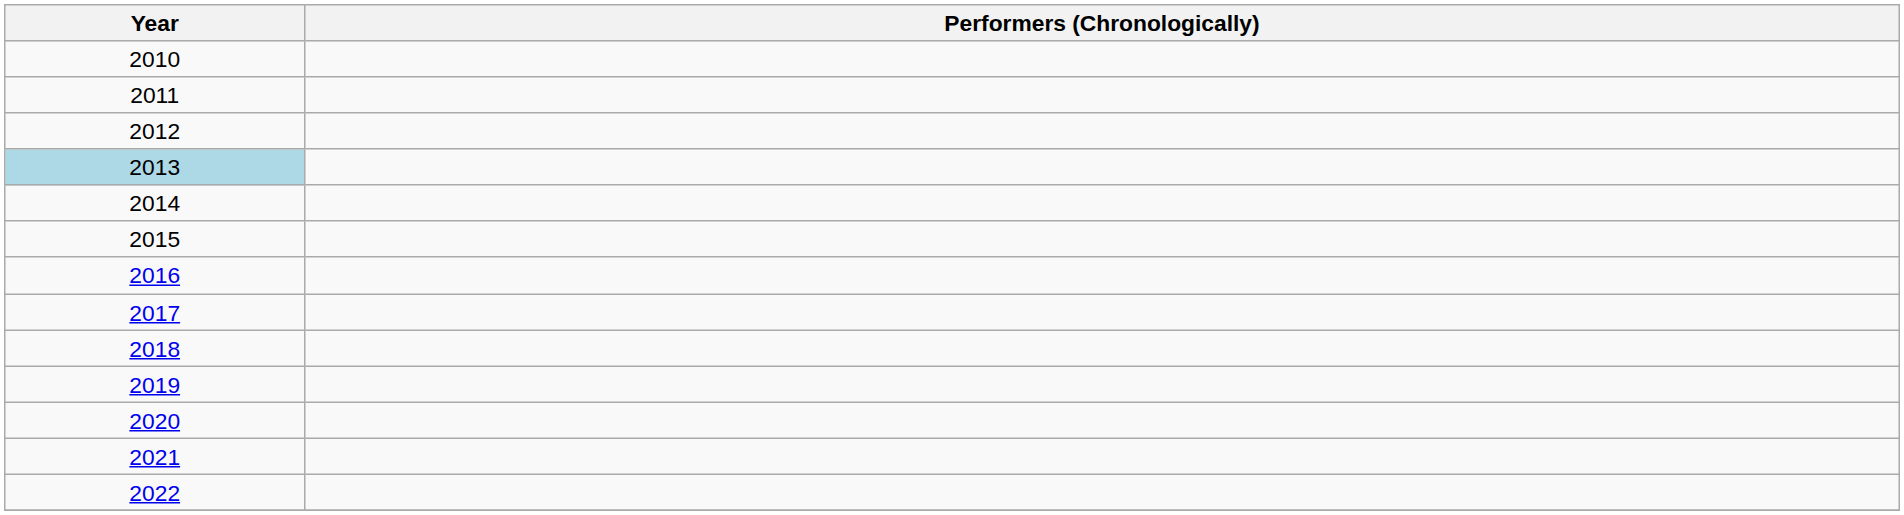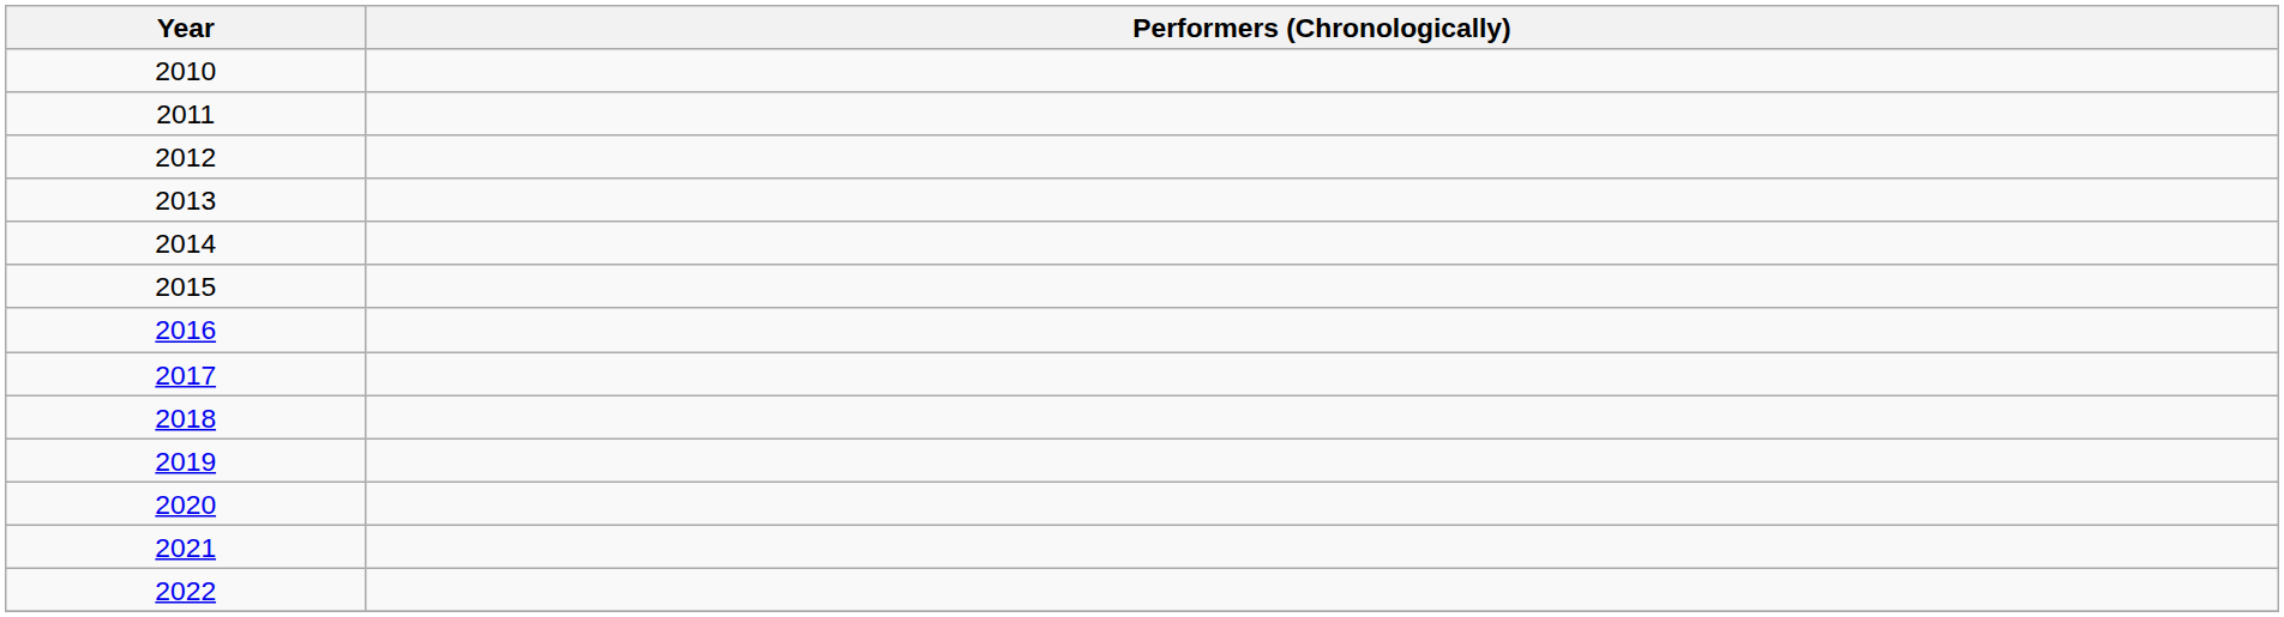 <table class="wikitable sortable" style="font-size:95%; width:100%;">
 <tr>
 <th>Year</th>
 <th>Performers (Chronologically)</th>
 </tr>
 <tr>
 <td align="center">2010</td>
 <td></td>
 </tr>
 <tr>
 <td align="center">2011</td>
 <td></td>
 </tr>
 <tr>
 <td align="center">2012</td>
 <td></td>
 </tr>
 <tr>
-<td align="center" style="background: lightblue;">2013</td>
+<td align="center">2013</td>
 <td></td>
 </tr>
 <tr>
 <td align="center">2014</td>
 <td></td>
 </tr>
 <tr>
 <td align="center">2015</td>
 <td></td>
 </tr>
 <tr>
 <td align="center"><a href='#'>2016</a></td>
 <td></td>
 </tr>
 <tr>
 <td align="center"><a href='#'>2017</a></td>
 <td></td>
 </tr>
 <tr>
 <td align="center"><a href='#'>2018</a></td>
 <td></td>
 </tr>
 <tr>
 <td align="center"><a href='#'>2019</a></td>
 <td></td>
 </tr>
 <tr>
 <td align="center"><a href='#'>2020</a></td>
 <td></td>
 </tr>
 <tr>
 <td align="center"><a href='#'>2021</a></td>
 <td></td>
 </tr>
 <tr>
 <td align="center"><a href='#'>2022</a></td>
 <td></td>
 </tr>
 <tr>
 </tr>
 </table>
